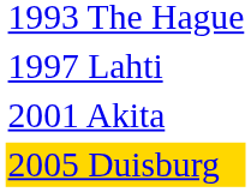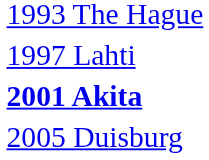 <table>
 <tr>
 <td><a href='#'>1993 The Hague</a></td>
 <td></td>
 <td></td>
 <td></td>
 </tr>
 <tr>
 <td><a href='#'>1997 Lahti</a></td>
 <td></td>
 <td></td>
 <td></td>
 </tr>
 <tr>
-<td><a href='#'>2001 Akita</a></td>
+<td><strong><a href='#'>2001 Akita</a></strong></td>
 <td></td>
 <td></td>
 <td></td>
 </tr>
 <tr>
-<td style="background: gold;"><a href='#'>2005 Duisburg</a></td>
+<td><a href='#'>2005 Duisburg</a></td>
 <td></td>
 <td></td>
 <td></td>
 </tr>
 </table>
